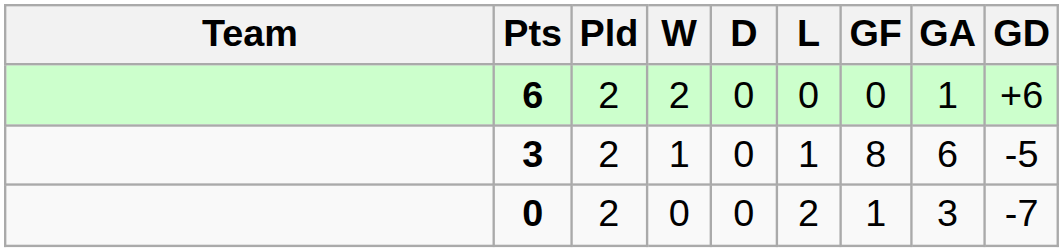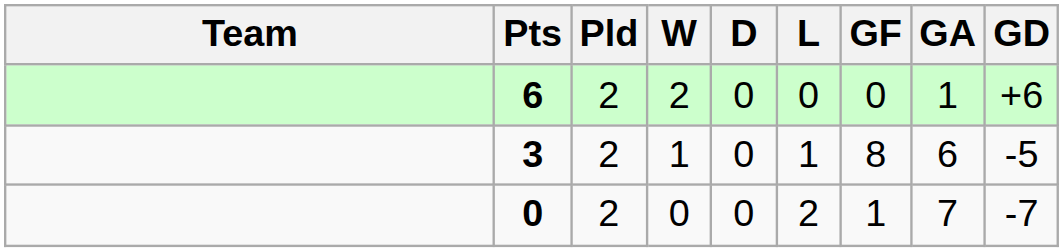 <table class=wikitable style="text-align:center">
 <tr>
 <th width=200>Team</th>
 <th width=20>Pts</th>
 <th width=20>Pld</th>
 <th width=20>W</th>
 <th width=20>D</th>
 <th width=20>L</th>
 <th width=20>GF</th>
 <th width=20>GA</th>
 <th width=20>GD</th>
 </tr>
 <tr style="background:#cfc;">
 <td align="left"></td>
 <td><strong>6</strong></td>
 <td>2</td>
 <td>2</td>
 <td>0</td>
 <td>0</td>
 <td>0</td>
 <td>1</td>
 <td>+6</td>
 </tr>
 <tr>
 <td align="left"></td>
 <td><strong>3</strong></td>
 <td>2</td>
 <td>1</td>
 <td>0</td>
 <td>1</td>
 <td>8</td>
 <td>6</td>
 <td>-5</td>
 </tr>
 <tr>
 <td align="left"></td>
 <td><strong>0</strong></td>
 <td>2</td>
 <td>0</td>
 <td>0</td>
 <td>2</td>
 <td>1</td>
-<td>3</td>
+<td>7</td>
 <td>-7</td>
 </tr>
 </table>
